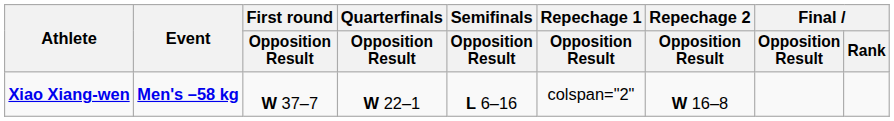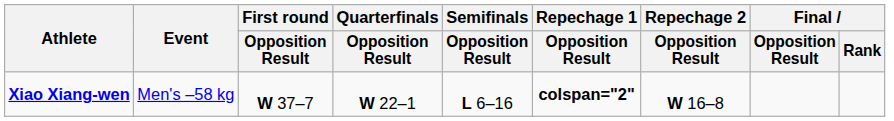 <table class = "wikitable" style = "font-size:90%;">
 <tr>
 <th rowspan = 2>Athlete</th>
 <th rowspan = 2>Event</th>
 <th>First round</th>
 <th>Quarterfinals</th>
 <th>Semifinals</th>
 <th>Repechage 1</th>
 <th>Repechage 2</th>
 <th colspan = 2>Final / </th>
 </tr>
 <tr style = "font-size:95%">
 <th>Opposition <br> Result</th>
 <th>Opposition <br> Result</th>
 <th>Opposition <br> Result</th>
 <th>Opposition <br> Result</th>
 <th>Opposition <br> Result</th>
 <th>Opposition <br> Result</th>
 <th>Rank</th>
 </tr>
 <tr align = center>
 <td align="left"><strong><a href='#'>Xiao Xiang-wen</a></strong></td>
-<td align="left"><strong><a href='#'>Men's –58 kg</a></strong></td>
+<td align="left"><a href='#'>Men's –58 kg</a></td>
 <td><br> <strong>W</strong> 37–7</td>
 <td><br> <strong>W</strong> 22–1</td>
 <td><br> <strong>L</strong> 6–16</td>
-<td>colspan="2" </td>
+<td><strong>colspan="2" </strong></td>
 <td><br> <strong>W</strong> 16–8</td>
 <td></td>
 </tr>
 </table>
